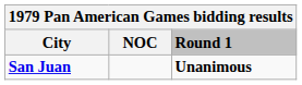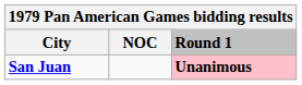 <table class="wikitable">
 <tr>
 <th colspan="7">1979 Pan American Games bidding results</th>
 </tr>
 <tr>
 <th>City</th>
 <th>NOC</th>
 <td bgcolor="silver"><strong>Round 1</strong></td>
 </tr>
 <tr>
 <td><strong><a href='#'>San Juan</a></strong></td>
 <td><strong></strong></td>
-<td><strong>Unanimous</strong></td>
+<td style="background: pink;"><strong>Unanimous</strong></td>
 </tr>
 </table>
